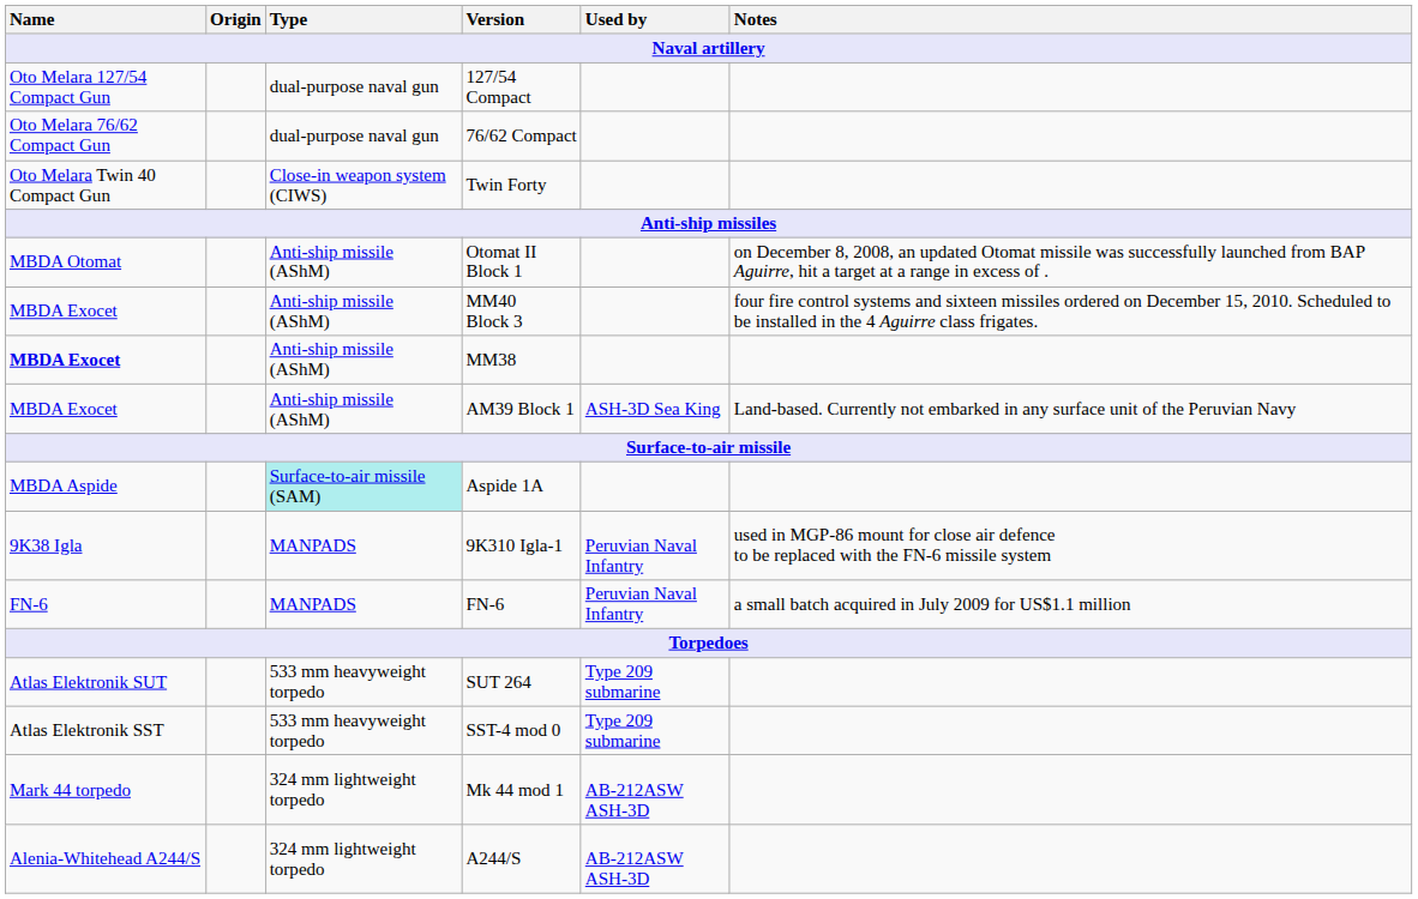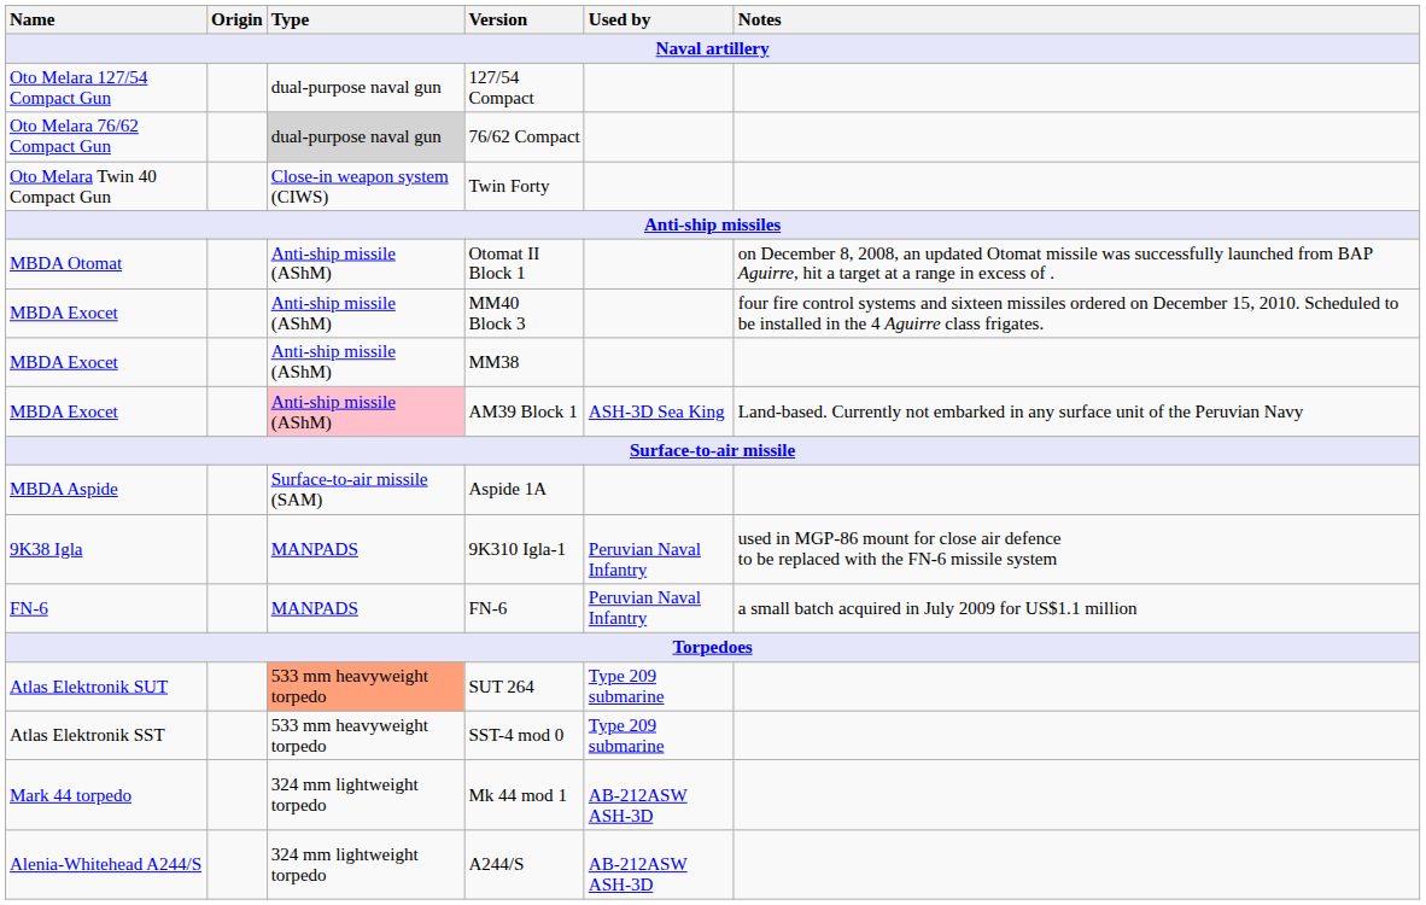 <table class="wikitable">
 <tr>
 <th style="text-align: left;">Name</th>
 <th style="text-align: left;">Origin</th>
 <th style="text-align: left;">Type</th>
 <th style="text-align: left;">Version</th>
 <th style="text-align: left;">Used by</th>
 <th style="text-align: left;">Notes</th>
 </tr>
 <tr>
 <th style="align: center; background: lavender;" colspan="7"><strong><a href='#'>Naval artillery</a></strong></th>
 </tr>
 <tr>
 <td><a href='#'>Oto Melara 127/54 Compact Gun</a></td>
 <td></td>
 <td>dual-purpose naval gun</td>
 <td>127/54 Compact</td>
 <td></td>
 <td></td>
 </tr>
 <tr>
 <td><a href='#'>Oto Melara 76/62 Compact Gun</a></td>
 <td></td>
-<td>dual-purpose naval gun</td>
+<td style="background: lightgrey;">dual-purpose naval gun</td>
 <td>76/62 Compact</td>
 <td></td>
 <td></td>
 </tr>
 <tr>
 <td><a href='#'>Oto Melara</a> Twin 40 Compact Gun</td>
 <td></td>
 <td><a href='#'>Close-in weapon system</a> (CIWS)</td>
 <td>Twin Forty</td>
 <td><br><br></td>
 <td></td>
 </tr>
 <tr>
 <th style="align: center; background: lavender;" colspan="7"><strong><a href='#'>Anti-ship missiles</a></strong></th>
 </tr>
 <tr>
 <td><a href='#'>MBDA Otomat</a></td>
 <td></td>
 <td><a href='#'>Anti-ship missile</a> (AShM)</td>
 <td>Otomat II Block 1</td>
 <td></td>
 <td>on December 8, 2008, an updated Otomat missile was successfully launched from BAP <em>Aguirre</em>, hit a target at a range in excess of .</td>
 </tr>
 <tr>
 <td><a href='#'>MBDA Exocet</a></td>
 <td></td>
 <td><a href='#'>Anti-ship missile</a> (AShM)</td>
 <td>MM40 Block 3</td>
 <td></td>
 <td>four fire control systems and sixteen missiles ordered on December 15, 2010. Scheduled to be installed in the 4 <em>Aguirre</em> class frigates.</td>
 </tr>
 <tr>
-<td><strong><a href='#'>MBDA Exocet</a></strong></td>
+<td><a href='#'>MBDA Exocet</a></td>
 <td></td>
 <td><a href='#'>Anti-ship missile</a> (AShM)</td>
 <td>MM38</td>
 <td></td>
 <td></td>
 </tr>
 <tr>
 <td><a href='#'>MBDA Exocet</a></td>
 <td></td>
-<td><a href='#'>Anti-ship missile</a> (AShM)</td>
+<td style="background: pink;"><a href='#'>Anti-ship missile</a> (AShM)</td>
 <td>AM39 Block 1</td>
 <td><a href='#'>ASH-3D Sea King</a></td>
 <td>Land-based. Currently not embarked in any surface unit of the Peruvian Navy</td>
 </tr>
 <tr>
 <th style="align: center; background: lavender;" colspan="7"><strong><a href='#'>Surface-to-air missile</a></strong></th>
 </tr>
 <tr>
 <td><a href='#'>MBDA Aspide</a></td>
 <td></td>
-<td style="background: paleturquoise;"><a href='#'>Surface-to-air missile</a> (SAM)</td>
+<td><a href='#'>Surface-to-air missile</a> (SAM)</td>
 <td>Aspide 1A</td>
 <td></td>
 <td></td>
 </tr>
 <tr>
 <td><a href='#'>9K38 Igla</a></td>
 <td></td>
 <td><a href='#'>MANPADS</a></td>
 <td>9K310 Igla-1</td>
 <td><br><a href='#'>Peruvian Naval Infantry</a></td>
 <td>used in MGP-86 mount for close air defence<br>to be replaced with the FN-6 missile system</td>
 </tr>
 <tr>
 <td><a href='#'>FN-6</a></td>
 <td></td>
 <td><a href='#'>MANPADS</a></td>
 <td>FN-6</td>
 <td><a href='#'>Peruvian Naval Infantry</a></td>
 <td>a small batch acquired in July 2009 for US$1.1 million</td>
 </tr>
 <tr>
 <th style="align: center; background: lavender;" colspan="7"><strong><a href='#'>Torpedoes</a></strong></th>
 </tr>
 <tr>
 <td><a href='#'>Atlas Elektronik SUT</a></td>
 <td></td>
-<td>533 mm heavyweight torpedo</td>
+<td style="background: lightsalmon;">533 mm heavyweight torpedo</td>
 <td>SUT 264</td>
 <td><a href='#'>Type 209 submarine</a></td>
 <td></td>
 </tr>
 <tr>
 <td>Atlas Elektronik SST</td>
 <td></td>
 <td>533 mm heavyweight torpedo</td>
 <td>SST-4 mod 0</td>
 <td><a href='#'>Type 209 submarine</a></td>
 <td></td>
 </tr>
 <tr>
 <td><a href='#'>Mark 44 torpedo</a></td>
 <td></td>
 <td>324 mm lightweight torpedo</td>
 <td>Mk 44 mod 1</td>
 <td><br><a href='#'>AB-212ASW</a> <br><a href='#'>ASH-3D</a></td>
 <td></td>
 </tr>
 <tr>
 <td><a href='#'>Alenia-Whitehead A244/S</a></td>
 <td></td>
 <td>324 mm lightweight torpedo</td>
 <td>A244/S</td>
 <td><br><a href='#'>AB-212ASW</a> <br><a href='#'>ASH-3D</a></td>
 <td></td>
 </tr>
 </table>
